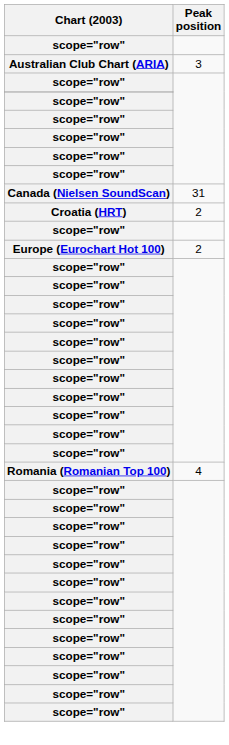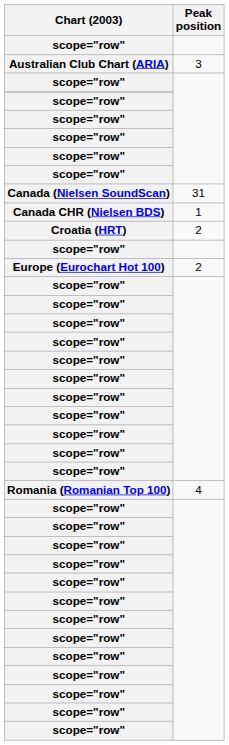 <table class="wikitable sortable plainrowheaders" style="text-align:center">
 <tr>
 <th scope="col">Chart (2003)</th>
 <th scope="col">Peak<br>position</th>
 </tr>
 <tr>
 <th>scope="row" </th>
 </tr>
 <tr>
 <th scope="row">Australian Club Chart (<a href='#'>ARIA</a>)</th>
 <td>3</td>
 </tr>
 <tr>
 <th>scope="row" </th>
 </tr>
 <tr>
 </tr>
 <tr>
 <th>scope="row" </th>
 </tr>
 <tr>
 <th>scope="row" </th>
 </tr>
 <tr>
 <th>scope="row" </th>
 </tr>
 <tr>
 <th>scope="row" </th>
 </tr>
 <tr>
 <th>scope="row" </th>
 </tr>
 <tr>
 <th scope=row>Canada (<a href='#'>Nielsen SoundScan</a>)</th>
 <td style="text-align:center;">31</td>
+</tr>
+<tr>
+<th scope="row">Canada CHR (<a href='#'>Nielsen BDS</a>)</th>
+<td style="text-align:center">1</td>
 </tr>
 <tr>
 <th scope="row">Croatia (<a href='#'>HRT</a>)</th>
 <td>2</td>
 </tr>
 <tr>
 <th>scope="row" </th>
 </tr>
 <tr>
 <th scope="row">Europe (<a href='#'>Eurochart Hot 100</a>)</th>
 <td>2</td>
 </tr>
 <tr>
 <th>scope="row" </th>
 </tr>
 <tr>
 <th>scope="row" </th>
 </tr>
 <tr>
 <th>scope="row" </th>
 </tr>
 <tr>
 <th>scope="row" </th>
 </tr>
 <tr>
 <th>scope="row" </th>
 </tr>
 <tr>
 <th>scope="row" </th>
 </tr>
 <tr>
 <th>scope="row" </th>
 </tr>
 <tr>
 <th>scope="row" </th>
 </tr>
 <tr>
 <th>scope="row" </th>
 </tr>
 <tr>
 <th>scope="row" </th>
 </tr>
 <tr>
 <th>scope="row" </th>
 </tr>
 <tr>
 <th scope="row">Romania (<a href='#'>Romanian Top 100</a>)</th>
 <td>4</td>
 </tr>
 <tr>
 <th>scope="row" </th>
 </tr>
 <tr>
 <th>scope="row" </th>
 </tr>
 <tr>
 <th>scope="row" </th>
 </tr>
 <tr>
 <th>scope="row" </th>
 </tr>
 <tr>
 <th>scope="row" </th>
 </tr>
 <tr>
 <th>scope="row" </th>
 </tr>
 <tr>
 <th>scope="row" </th>
 </tr>
 <tr>
 <th>scope="row" </th>
 </tr>
 <tr>
 <th>scope="row" </th>
 </tr>
 <tr>
 <th>scope="row" </th>
 </tr>
 <tr>
 <th>scope="row" </th>
 </tr>
 <tr>
 <th>scope="row" </th>
 </tr>
 <tr>
 <th>scope="row" </th>
 </tr>
 </table>
